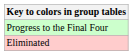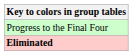 <table class="wikitable" border="1">
 <tr>
 <th>Key to colors in group tables</th>
 </tr>
 <tr style="background:#cfc;">
 <td>Progress to the Final Four</td>
 </tr>
 <tr style="background:#ffcccc;">
-<td>Eliminated</td>
+<td><strong>Eliminated</strong></td>
 </tr>
 </table>
